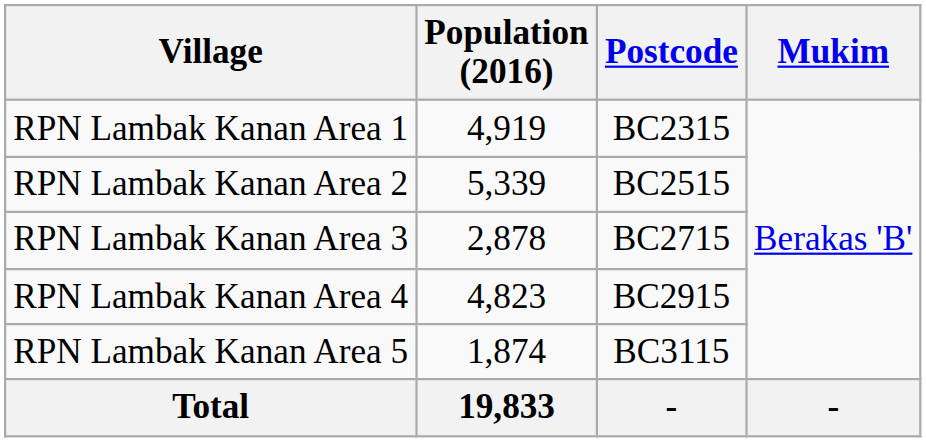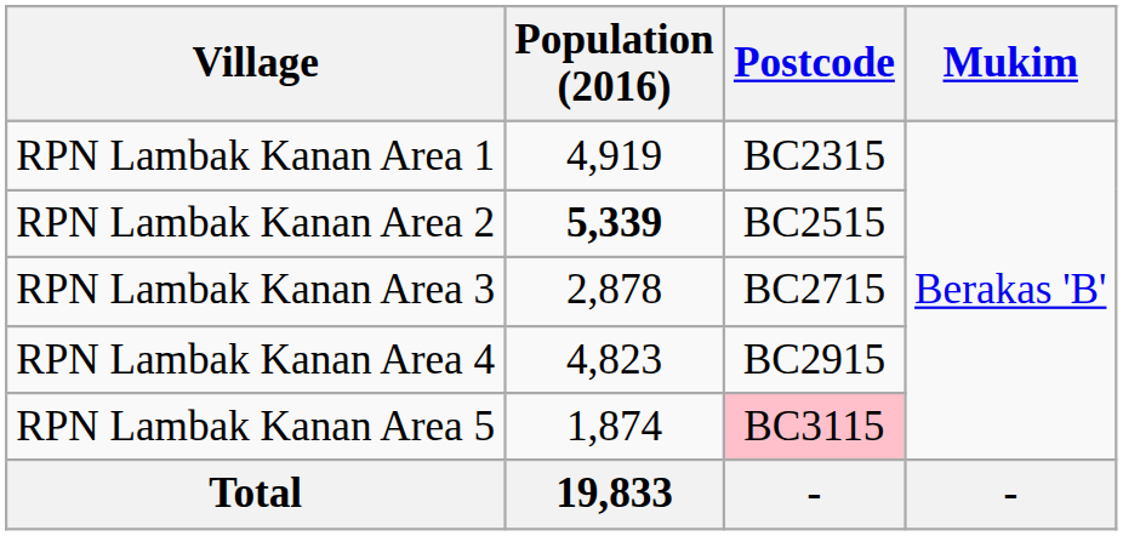 <table class="wikitable sortable">
 <tr>
 <th>Village</th>
 <th>Population<br>(2016)</th>
 <th><a href='#'>Postcode</a></th>
 <th><a href='#'>Mukim</a></th>
 </tr>
 <tr>
 <td>RPN Lambak Kanan Area 1</td>
 <td align="center">4,919</td>
 <td align="center">BC2315</td>
 <td rowspan="5"><a href='#'>Berakas 'B'</a></td>
 </tr>
 <tr>
 <td>RPN Lambak Kanan Area 2</td>
-<td align="center">5,339</td>
+<td align="center"><strong>5,339</strong></td>
 <td align="center">BC2515</td>
 </tr>
 <tr>
 <td>RPN Lambak Kanan Area 3</td>
 <td align="center">2,878</td>
 <td align="center">BC2715</td>
 </tr>
 <tr>
 <td>RPN Lambak Kanan Area 4</td>
 <td align="center">4,823</td>
 <td align="center">BC2915</td>
 </tr>
 <tr>
 <td>RPN Lambak Kanan Area 5</td>
 <td align="center">1,874</td>
-<td align="center">BC3115</td>
+<td align="center" style="background: pink;">BC3115</td>
 </tr>
 <tr>
 <th>Total</th>
 <th>19,833</th>
 <th>-</th>
 <th>-</th>
 </tr>
 </table>
